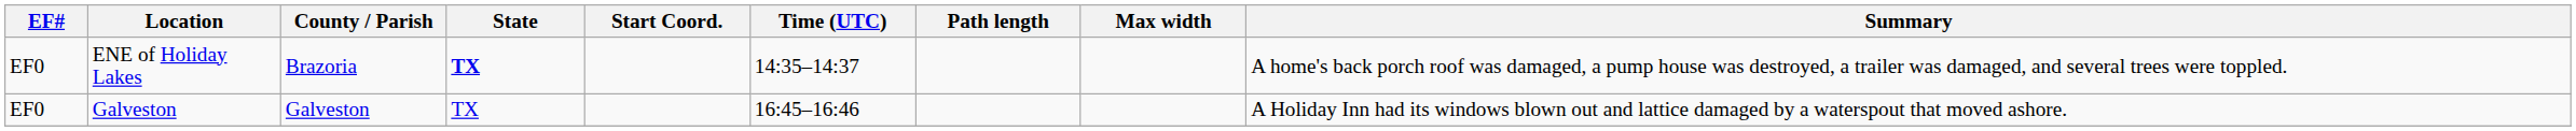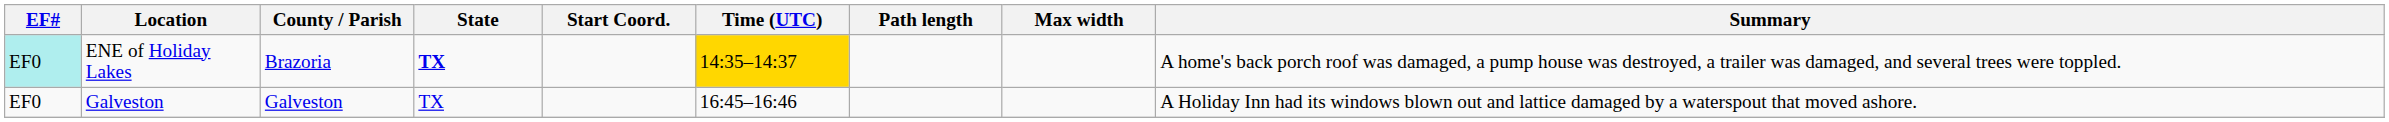 <table class="wikitable sortable" style="width:100%;">
 <tr>
 <th scope="col"  style="width:3%; text-align:center;"><a href='#'>EF#</a></th>
 <th scope="col"  style="width:7%; text-align:center;" class="unsortable">Location</th>
 <th scope="col"  style="width:6%; text-align:center;" class="unsortable">County / Parish</th>
 <th scope="col"  style="width:5%; text-align:center;">State</th>
 <th scope="col"  style="width:6%; text-align:center;">Start Coord.</th>
 <th scope="col"  style="width:6%; text-align:center;">Time (<a href='#'>UTC</a>)</th>
 <th scope="col"  style="width:6%; text-align:center;">Path length</th>
 <th scope="col"  style="width:6%; text-align:center;">Max width</th>
 <th scope="col" class="unsortable" style="width:48%; text-align:center;">Summary</th>
 </tr>
 <tr>
-<td>EF0</td>
+<td style="background: paleturquoise;">EF0</td>
 <td>ENE of <a href='#'>Holiday Lakes</a></td>
 <td><a href='#'>Brazoria</a></td>
 <td><strong><a href='#'>TX</a></strong></td>
 <td></td>
-<td>14:35–14:37</td>
+<td style="background: gold;">14:35–14:37</td>
 <td></td>
 <td></td>
 <td>A home's back porch roof was damaged, a pump house was destroyed, a trailer was damaged, and several trees were toppled.</td>
 </tr>
 <tr>
 <td>EF0</td>
 <td><a href='#'>Galveston</a></td>
 <td><a href='#'>Galveston</a></td>
 <td><a href='#'>TX</a></td>
 <td></td>
 <td>16:45–16:46</td>
 <td></td>
 <td></td>
 <td>A Holiday Inn had its windows blown out and lattice damaged by a waterspout that moved ashore.</td>
 </tr>
 <tr>
 </tr>
 </table>
